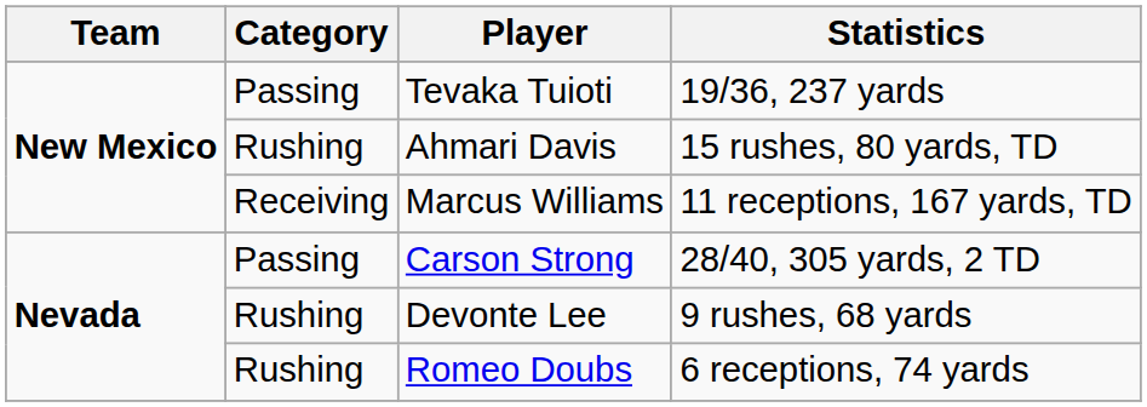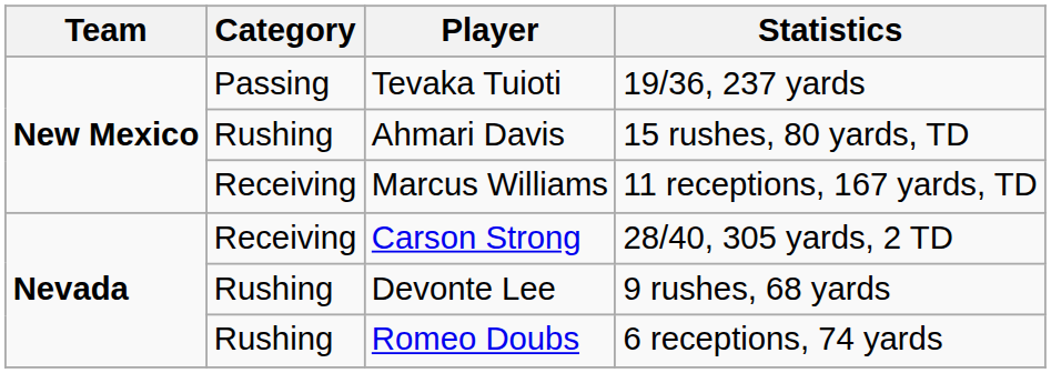 <table class="wikitable" style="float: left;">
 <tr>
 <th>Team</th>
 <th>Category</th>
 <th>Player</th>
 <th>Statistics</th>
 </tr>
 <tr>
 <td rowspan=3><strong>New Mexico</strong></td>
 <td>Passing</td>
 <td>Tevaka Tuioti</td>
 <td>19/36, 237 yards</td>
 </tr>
 <tr>
 <td>Rushing</td>
 <td>Ahmari Davis</td>
 <td>15 rushes, 80 yards, TD</td>
 </tr>
 <tr>
 <td>Receiving</td>
 <td>Marcus Williams</td>
 <td>11 receptions, 167 yards, TD</td>
 </tr>
 <tr>
 <td rowspan=3><strong>Nevada</strong></td>
-<td>Passing</td>
+<td>Receiving</td>
 <td><a href='#'>Carson Strong</a></td>
 <td>28/40, 305 yards, 2 TD</td>
 </tr>
 <tr>
 <td>Rushing</td>
 <td>Devonte Lee</td>
 <td>9 rushes, 68 yards</td>
 </tr>
 <tr>
 <td>Rushing</td>
 <td><a href='#'>Romeo Doubs</a></td>
 <td>6 receptions, 74 yards</td>
 </tr>
 </table>
